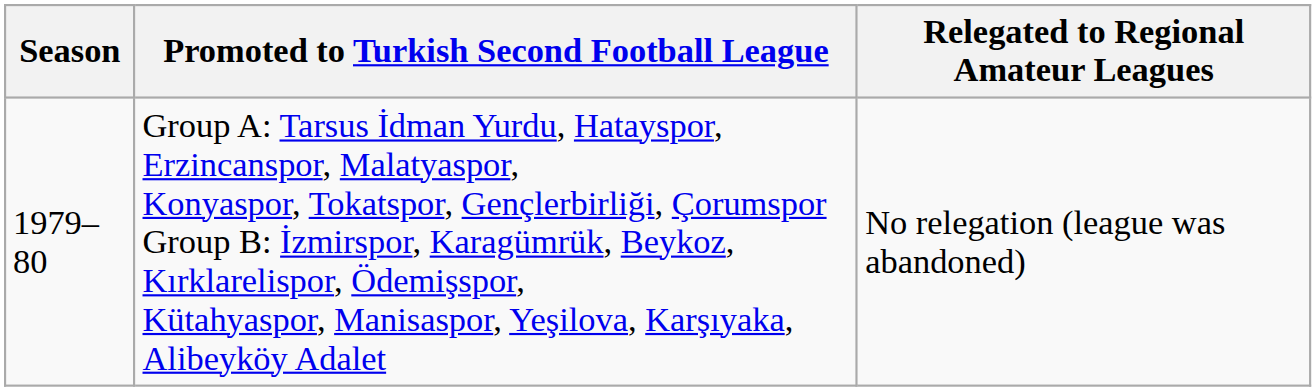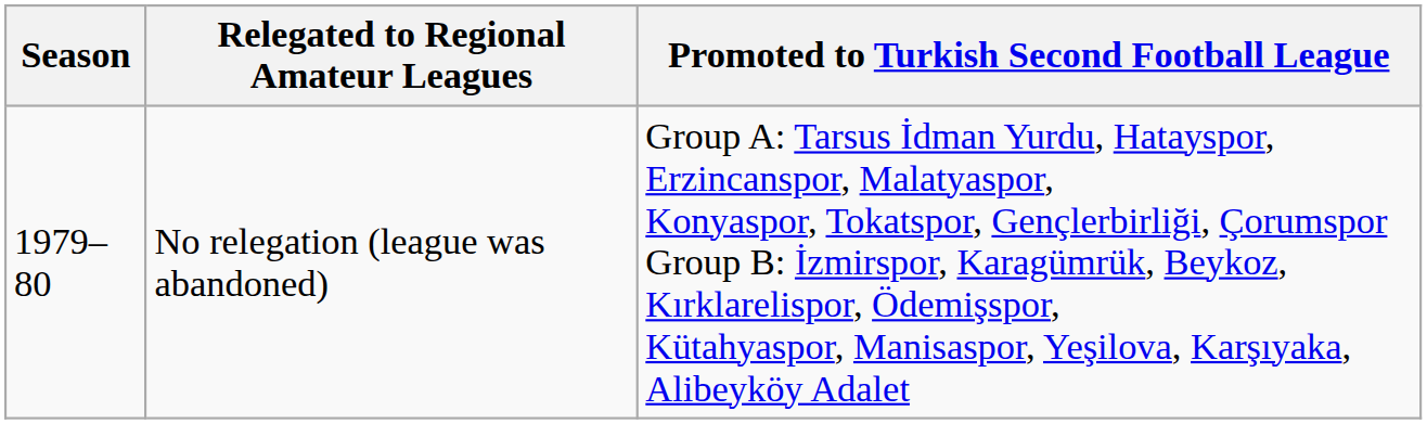 <table class="wikitable">
 <tr>
 <th>Season</th>
+<th>Relegated to Regional Amateur Leagues</th>
 <th>Promoted to <a href='#'>Turkish Second Football League</a></th>
-<th>Relegated to Regional Amateur Leagues</th>
 </tr>
 <tr>
 <td>1979–80</td>
+<td>No relegation (league was abandoned)</td>
 <td>Group A: <a href='#'>Tarsus İdman Yurdu</a>, <a href='#'>Hatayspor</a>, <a href='#'>Erzincanspor</a>, <a href='#'>Malatyaspor</a>,<br><a href='#'>Konyaspor</a>, <a href='#'>Tokatspor</a>, <a href='#'>Gençlerbirliği</a>, <a href='#'>Çorumspor</a><br>Group B: <a href='#'>İzmirspor</a>, <a href='#'>Karagümrük</a>, <a href='#'>Beykoz</a>, <a href='#'>Kırklarelispor</a>, <a href='#'>Ödemişspor</a>,<br><a href='#'>Kütahyaspor</a>, <a href='#'>Manisaspor</a>, <a href='#'>Yeşilova</a>, <a href='#'>Karşıyaka</a>, <a href='#'>Alibeyköy Adalet</a></td>
-<td>No relegation (league was abandoned)</td>
 </tr>
 </table>
